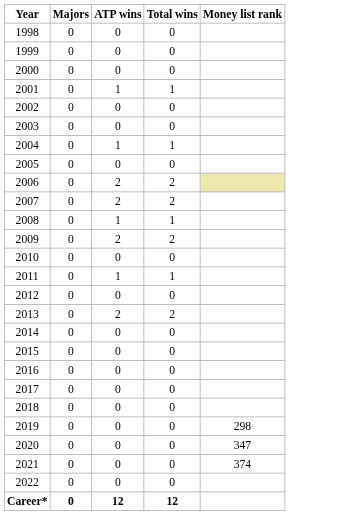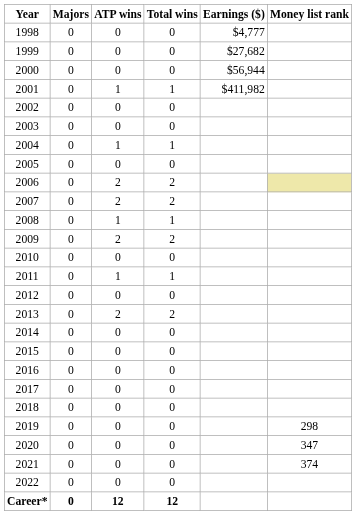 <table cellpadding=3 cellspacing=0 border=1 style=font-size:97%;border:#aaa;solid:1;border-collapse:collapse;text-align:center>
 <tr>
 <th>Year</th>
 <th>Majors</th>
 <th>ATP wins</th>
 <th>Total wins</th>
+<th>Earnings ($)</th>
 <th>Money list rank</th>
 </tr>
 <tr>
 <td>1998</td>
 <td>0</td>
 <td>0</td>
 <td>0</td>
+<td align=right>$4,777</td>
 <td></td>
 </tr>
 <tr>
 <td>1999</td>
 <td>0</td>
 <td>0</td>
 <td>0</td>
+<td align=right>$27,682</td>
 <td></td>
 </tr>
 <tr>
 <td>2000</td>
 <td>0</td>
 <td>0</td>
 <td>0</td>
+<td align=right>$56,944</td>
 <td></td>
 </tr>
 <tr>
 <td>2001</td>
 <td>0</td>
 <td>1</td>
 <td>1</td>
+<td align=right>$411,982</td>
 <td></td>
 </tr>
 <tr>
 <td>2002</td>
 <td>0</td>
 <td>0</td>
 <td>0</td>
+<td align=right></td>
 <td></td>
 </tr>
 <tr>
 <td>2003</td>
 <td>0</td>
 <td>0</td>
 <td>0</td>
+<td align=right></td>
 <td></td>
 </tr>
 <tr>
 <td>2004</td>
 <td>0</td>
 <td>1</td>
 <td>1</td>
+<td align=right></td>
 <td></td>
 </tr>
 <tr>
 <td>2005</td>
 <td>0</td>
 <td>0</td>
 <td>0</td>
+<td align=right></td>
 <td></td>
 </tr>
 <tr>
 <td>2006</td>
 <td>0</td>
 <td>2</td>
 <td>2</td>
+<td align=right></td>
 <td style="background:#eee8aa;"></td>
 </tr>
 <tr>
 <td>2007</td>
 <td>0</td>
 <td>2</td>
 <td>2</td>
+<td align=right></td>
 <td></td>
 </tr>
 <tr>
 <td>2008</td>
 <td>0</td>
 <td>1</td>
 <td>1</td>
+<td align=right></td>
 <td></td>
 </tr>
 <tr>
 <td>2009</td>
 <td>0</td>
 <td>2</td>
 <td>2</td>
+<td align=right></td>
 <td></td>
 </tr>
 <tr>
 <td>2010</td>
 <td>0</td>
 <td>0</td>
 <td>0</td>
+<td align=right></td>
 <td></td>
 </tr>
 <tr>
 <td>2011</td>
 <td>0</td>
 <td>1</td>
 <td>1</td>
+<td align=right></td>
 <td></td>
 </tr>
 <tr>
 <td>2012</td>
 <td>0</td>
 <td>0</td>
 <td>0</td>
+<td align=right></td>
 <td></td>
 </tr>
 <tr>
 <td>2013</td>
 <td>0</td>
 <td>2</td>
 <td>2</td>
+<td align=right></td>
 <td></td>
 </tr>
 <tr>
 <td>2014</td>
 <td>0</td>
 <td>0</td>
 <td>0</td>
+<td align=right></td>
 <td></td>
 </tr>
 <tr>
 <td>2015</td>
 <td>0</td>
 <td>0</td>
 <td>0</td>
+<td align=right></td>
 <td></td>
 </tr>
 <tr>
 <td>2016</td>
 <td>0</td>
 <td>0</td>
 <td>0</td>
+<td align=right></td>
 <td></td>
 </tr>
 <tr>
 <td>2017</td>
 <td>0</td>
 <td>0</td>
 <td>0</td>
+<td align=right></td>
 <td></td>
 </tr>
 <tr>
 <td>2018</td>
 <td>0</td>
 <td>0</td>
 <td>0</td>
+<td align=right></td>
 <td></td>
 </tr>
 <tr>
 <td>2019</td>
 <td>0</td>
 <td>0</td>
 <td>0</td>
+<td align=right></td>
 <td>298</td>
 </tr>
 <tr>
 <td>2020</td>
 <td>0</td>
 <td>0</td>
 <td>0</td>
+<td align=right></td>
 <td>347</td>
 </tr>
 <tr>
 <td>2021</td>
 <td>0</td>
 <td>0</td>
 <td>0</td>
+<td align=right></td>
 <td>374</td>
 </tr>
 <tr>
 <td>2022</td>
 <td>0</td>
 <td>0</td>
 <td>0</td>
+<td align=right></td>
 <td></td>
 </tr>
 <tr>
 <th>Career*</th>
 <th>0</th>
 <th>12</th>
 <th>12</th>
+<th align=right></th>
 <th></th>
 </tr>
 </table>
